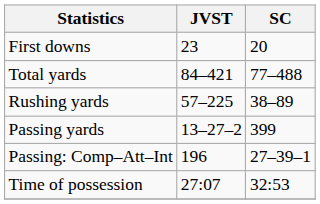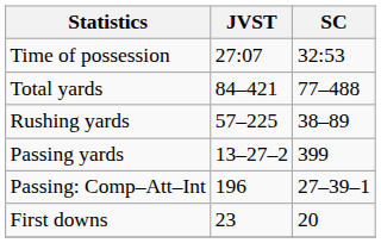 <table class="wikitable" style="float: left;">
 <tr>
 <th>Statistics</th>
 <th>JVST</th>
 <th>SC</th>
 </tr>
 <tr>
-<td>First downs</td>
-<td>23</td>
-<td>20</td>
+<td>Time of possession</td>
+<td>27:07</td>
+<td>32:53</td>
 </tr>
 <tr>
 <td>Total yards</td>
 <td>84–421</td>
 <td>77–488</td>
 </tr>
 <tr>
 <td>Rushing yards</td>
 <td>57–225</td>
 <td>38–89</td>
 </tr>
 <tr>
 <td>Passing yards</td>
 <td>13–27–2</td>
 <td>399</td>
 </tr>
 <tr>
 <td>Passing: Comp–Att–Int</td>
 <td>196</td>
 <td>27–39–1</td>
 </tr>
 <tr>
-<td>Time of possession</td>
-<td>27:07</td>
-<td>32:53</td>
+<td>First downs</td>
+<td>23</td>
+<td>20</td>
 </tr>
 <tr>
 </tr>
 </table>
